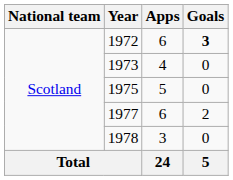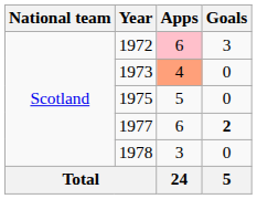 <table class=wikitable style="text-align: center;">
 <tr>
 <th>National team</th>
 <th>Year</th>
 <th>Apps</th>
 <th>Goals</th>
 </tr>
 <tr>
 <td rowspan=5><a href='#'>Scotland</a></td>
 <td>1972</td>
-<td>6</td>
-<td><strong>3</strong></td>
+<td style="background: pink;">6</td>
+<td>3</td>
 </tr>
 <tr>
 <td>1973</td>
-<td>4</td>
+<td style="background: lightsalmon;">4</td>
 <td>0</td>
 </tr>
 <tr>
 <td>1975</td>
 <td>5</td>
 <td>0</td>
 </tr>
 <tr>
 <td>1977</td>
 <td>6</td>
-<td>2</td>
+<td><strong>2</strong></td>
 </tr>
 <tr>
 <td>1978</td>
 <td>3</td>
 <td>0</td>
 </tr>
 <tr>
 <th colspan=2>Total</th>
 <th>24</th>
 <th>5</th>
 </tr>
 </table>
